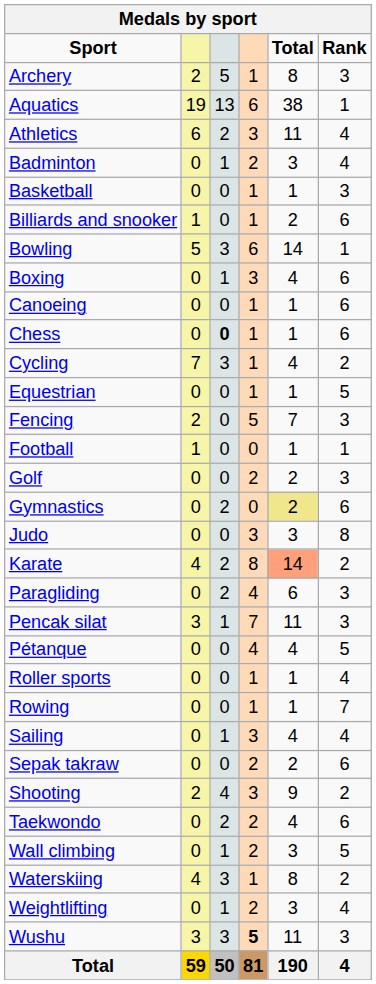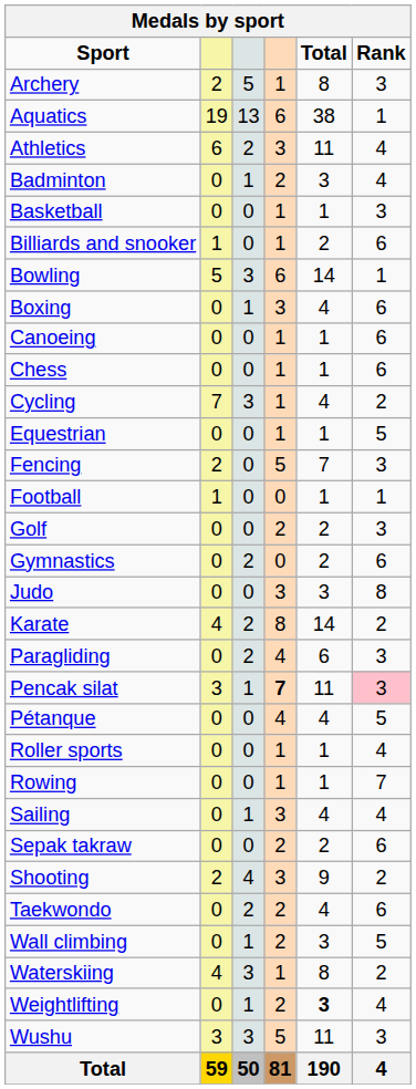 <table class="wikitable" style="font-size:90%;">
 <tr style="background:#efefef;">
 <th colspan=6>Medals by sport</th>
 </tr>
 <tr align=center>
 <td><strong>Sport</strong></td>
 <td bgcolor=#f7f6a8></td>
 <td bgcolor=#dce5e5></td>
 <td bgcolor=#ffdab9></td>
 <td><strong>Total</strong></td>
 <td><strong>Rank</strong></td>
 </tr>
 <tr align=center>
 <td align=left><a href='#'>Archery</a></td>
 <td bgcolor=#f7f6a8>2</td>
 <td bgcolor=#dce5e5>5</td>
 <td bgcolor=#ffdab9>1</td>
 <td>8</td>
 <td>3</td>
 </tr>
 <tr align=center>
 <td align=left><a href='#'>Aquatics</a></td>
 <td bgcolor=#f7f6a8>19</td>
 <td bgcolor=#dce5e5>13</td>
 <td bgcolor=#ffdab9>6</td>
 <td>38</td>
 <td>1</td>
 </tr>
 <tr align=center>
 <td align=left><a href='#'>Athletics</a></td>
 <td bgcolor=#f7f6a8>6</td>
 <td bgcolor=#dce5e5>2</td>
 <td bgcolor=#ffdab9>3</td>
 <td>11</td>
 <td>4</td>
 </tr>
 <tr align=center>
 <td align=left><a href='#'>Badminton</a></td>
 <td bgcolor=#f7f6a8>0</td>
 <td bgcolor=#dce5e5>1</td>
 <td bgcolor=#ffdab9>2</td>
 <td>3</td>
 <td>4</td>
 </tr>
 <tr align=center>
 <td align=left><a href='#'>Basketball</a></td>
 <td bgcolor=#f7f6a8>0</td>
 <td bgcolor=#dce5e5>0</td>
 <td bgcolor=#ffdab9>1</td>
 <td>1</td>
 <td>3</td>
 </tr>
 <tr align=center>
 <td align=left><a href='#'>Billiards and snooker</a></td>
 <td bgcolor=#f7f6a8>1</td>
 <td bgcolor=#dce5e5>0</td>
 <td bgcolor=#ffdab9>1</td>
 <td>2</td>
 <td>6</td>
 </tr>
 <tr align=center>
 <td align=left><a href='#'>Bowling</a></td>
 <td bgcolor=#f7f6a8>5</td>
 <td bgcolor=#dce5e5>3</td>
 <td bgcolor=#ffdab9>6</td>
 <td>14</td>
 <td>1</td>
 </tr>
 <tr align=center>
 <td align=left><a href='#'>Boxing</a></td>
 <td bgcolor=#f7f6a8>0</td>
 <td bgcolor=#dce5e5>1</td>
 <td bgcolor=#ffdab9>3</td>
 <td>4</td>
 <td>6</td>
 </tr>
 <tr align=center>
 <td align=left><a href='#'>Canoeing</a></td>
 <td bgcolor=#f7f6a8>0</td>
 <td bgcolor=#dce5e5>0</td>
 <td bgcolor=#ffdab9>1</td>
 <td>1</td>
 <td>6</td>
 </tr>
 <tr align=center>
 <td align=left><a href='#'>Chess</a></td>
 <td bgcolor=#f7f6a8>0</td>
-<td bgcolor=#dce5e5><strong>0</strong></td>
+<td bgcolor=#dce5e5>0</td>
 <td bgcolor=#ffdab9>1</td>
 <td>1</td>
 <td>6</td>
 </tr>
 <tr align=center>
 <td align=left><a href='#'>Cycling</a></td>
 <td bgcolor=#f7f6a8>7</td>
 <td bgcolor=#dce5e5>3</td>
 <td bgcolor=#ffdab9>1</td>
 <td>4</td>
 <td>2</td>
 </tr>
 <tr align=center>
 <td align=left><a href='#'>Equestrian</a></td>
 <td bgcolor=#f7f6a8>0</td>
 <td bgcolor=#dce5e5>0</td>
 <td bgcolor=#ffdab9>1</td>
 <td>1</td>
 <td>5</td>
 </tr>
 <tr align=center>
 <td align=left><a href='#'>Fencing</a></td>
 <td bgcolor=#f7f6a8>2</td>
 <td bgcolor=#dce5e5>0</td>
 <td bgcolor=#ffdab9>5</td>
 <td>7</td>
 <td>3</td>
 </tr>
 <tr align=center>
 <td align=left><a href='#'>Football</a></td>
 <td bgcolor=#f7f6a8>1</td>
 <td bgcolor=#dce5e5>0</td>
 <td bgcolor=#ffdab9>0</td>
 <td>1</td>
 <td>1</td>
 </tr>
 <tr align=center>
 <td align=left><a href='#'>Golf</a></td>
 <td bgcolor=#f7f6a8>0</td>
 <td bgcolor=#dce5e5>0</td>
 <td bgcolor=#ffdab9>2</td>
 <td>2</td>
 <td>3</td>
 </tr>
 <tr align=center>
 <td align=left><a href='#'>Gymnastics</a></td>
 <td bgcolor=#f7f6a8>0</td>
 <td bgcolor=#dce5e5>2</td>
 <td bgcolor=#ffdab9>0</td>
-<td style="background: khaki;">2</td>
+<td>2</td>
 <td>6</td>
 </tr>
 <tr align=center>
 <td align=left><a href='#'>Judo</a></td>
 <td bgcolor=#f7f6a8>0</td>
 <td bgcolor=#dce5e5>0</td>
 <td bgcolor=#ffdab9>3</td>
 <td>3</td>
 <td>8</td>
 </tr>
 <tr align=center>
 <td align=left><a href='#'>Karate</a></td>
 <td bgcolor=#f7f6a8>4</td>
 <td bgcolor=#dce5e5>2</td>
 <td bgcolor=#ffdab9>8</td>
-<td style="background: lightsalmon;">14</td>
+<td>14</td>
 <td>2</td>
 </tr>
 <tr align=center>
 <td align=left><a href='#'>Paragliding</a></td>
 <td bgcolor=#f7f6a8>0</td>
 <td bgcolor=#dce5e5>2</td>
 <td bgcolor=#ffdab9>4</td>
 <td>6</td>
 <td>3</td>
 </tr>
 <tr align=center>
 <td align=left><a href='#'>Pencak silat</a></td>
 <td bgcolor=#f7f6a8>3</td>
 <td bgcolor=#dce5e5>1</td>
-<td bgcolor=#ffdab9>7</td>
+<td bgcolor=#ffdab9><strong>7</strong></td>
 <td>11</td>
-<td>3</td>
+<td style="background: pink;">3</td>
 </tr>
 <tr align=center>
 <td align=left><a href='#'>Pétanque</a></td>
 <td bgcolor=#f7f6a8>0</td>
 <td bgcolor=#dce5e5>0</td>
 <td bgcolor=#ffdab9>4</td>
 <td>4</td>
 <td>5</td>
 </tr>
 <tr align=center>
 <td align=left><a href='#'>Roller sports</a></td>
 <td bgcolor=#f7f6a8>0</td>
 <td bgcolor=#dce5e5>0</td>
 <td bgcolor=#ffdab9>1</td>
 <td>1</td>
 <td>4</td>
 </tr>
 <tr align=center>
 <td align=left><a href='#'>Rowing</a></td>
 <td bgcolor=#f7f6a8>0</td>
 <td bgcolor=#dce5e5>0</td>
 <td bgcolor=#ffdab9>1</td>
 <td>1</td>
 <td>7</td>
 </tr>
 <tr align=center>
 <td align=left><a href='#'>Sailing</a></td>
 <td bgcolor=#f7f6a8>0</td>
 <td bgcolor=#dce5e5>1</td>
 <td bgcolor=#ffdab9>3</td>
 <td>4</td>
 <td>4</td>
 </tr>
 <tr align=center>
 <td align=left><a href='#'>Sepak takraw</a></td>
 <td bgcolor=#f7f6a8>0</td>
 <td bgcolor=#dce5e5>0</td>
 <td bgcolor=#ffdab9>2</td>
 <td>2</td>
 <td>6</td>
 </tr>
 <tr align=center>
 <td align=left><a href='#'>Shooting</a></td>
 <td bgcolor=#f7f6a8>2</td>
 <td bgcolor=#dce5e5>4</td>
 <td bgcolor=#ffdab9>3</td>
 <td>9</td>
 <td>2</td>
 </tr>
 <tr align=center>
 <td align=left><a href='#'>Taekwondo</a></td>
 <td bgcolor=#f7f6a8>0</td>
 <td bgcolor=#dce5e5>2</td>
 <td bgcolor=#ffdab9>2</td>
 <td>4</td>
 <td>6</td>
 </tr>
 <tr align=center>
 <td align=left><a href='#'>Wall climbing</a></td>
 <td bgcolor=#f7f6a8>0</td>
 <td bgcolor=#dce5e5>1</td>
 <td bgcolor=#ffdab9>2</td>
 <td>3</td>
 <td>5</td>
 </tr>
 <tr align=center>
 <td align=left><a href='#'>Waterskiing</a></td>
 <td bgcolor=#f7f6a8>4</td>
 <td bgcolor=#dce5e5>3</td>
 <td bgcolor=#ffdab9>1</td>
 <td>8</td>
 <td>2</td>
 </tr>
 <tr align=center>
 <td align=left><a href='#'>Weightlifting</a></td>
 <td bgcolor=#f7f6a8>0</td>
 <td bgcolor=#dce5e5>1</td>
 <td bgcolor=#ffdab9>2</td>
-<td>3</td>
+<td><strong>3</strong></td>
 <td>4</td>
 </tr>
 <tr align=center>
 <td align=left><a href='#'>Wushu</a></td>
 <td bgcolor=#f7f6a8>3</td>
 <td bgcolor=#dce5e5>3</td>
-<td bgcolor=#ffdab9><strong>5</strong></td>
+<td bgcolor=#ffdab9>5</td>
 <td>11</td>
 <td>3</td>
 </tr>
 <tr align=center>
 <th>Total</th>
 <th style="background:gold;">59</th>
 <th style="background:silver;">50</th>
 <th style="background:#c96;">81</th>
 <th>190</th>
 <th>4</th>
 </tr>
 </table>
